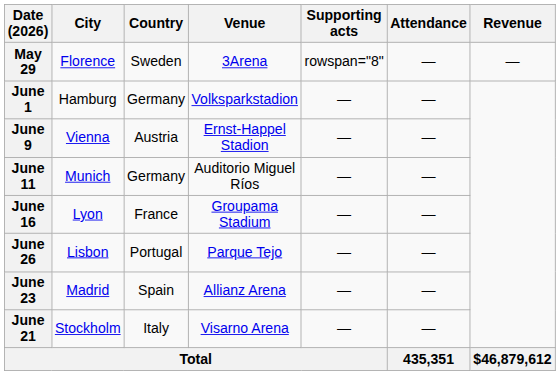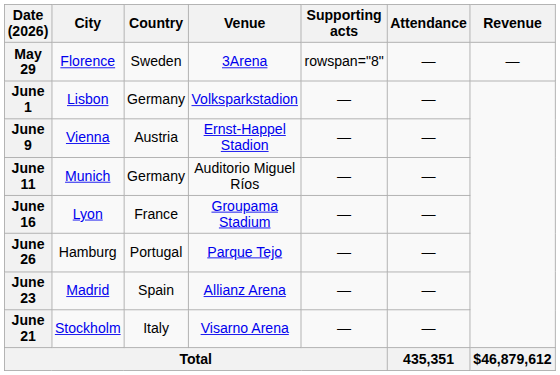 <table class="wikitable plainrowheaders" style="text-align:center;">
 <tr>
 <th scope="col" style="width:10em;">Date (2026)</th>
 <th scope="col" style="width:10em;">City</th>
 <th scope="col" style="width:10em;">Country</th>
 <th scope="col" style="width:15em;">Venue</th>
 <th scope="col" style="width:10em;">Supporting acts</th>
 <th scope="col" style="width:10em;">Attendance</th>
 <th scope="col" style="width:10em;">Revenue</th>
 </tr>
 <tr>
 <th scope="row" style="text-align:center;">May 29</th>
 <td><a href='#'>Florence</a></td>
 <td>Sweden</td>
 <td><a href='#'>3Arena</a></td>
 <td>rowspan="8" </td>
 <td>—</td>
 <td>—</td>
 </tr>
 <tr>
 <th scope="row" style="text-align:center;">June 1</th>
-<td>Hamburg</td>
+<td><a href='#'>Lisbon</a></td>
 <td>Germany</td>
 <td><a href='#'>Volksparkstadion</a></td>
 <td>—</td>
 <td>—</td>
 </tr>
 <tr>
 <th scope="row" style="text-align:center;">June 9</th>
 <td><a href='#'>Vienna</a></td>
 <td>Austria</td>
 <td><a href='#'>Ernst-Happel Stadion</a></td>
 <td>—</td>
 <td>—</td>
 </tr>
 <tr>
 <th scope="row" style="text-align:center;">June 11</th>
 <td><a href='#'>Munich</a></td>
 <td>Germany</td>
 <td>Auditorio Miguel Ríos</td>
 <td>—</td>
 <td>—</td>
 </tr>
 <tr>
 <th scope="row" style="text-align:center;">June 16</th>
 <td><a href='#'>Lyon</a></td>
 <td>France</td>
 <td><a href='#'>Groupama Stadium</a></td>
 <td>—</td>
 <td>—</td>
 </tr>
 <tr>
 <th scope="row" style="text-align:center;">June 26</th>
-<td><a href='#'>Lisbon</a></td>
+<td>Hamburg</td>
 <td>Portugal</td>
 <td><a href='#'>Parque Tejo</a></td>
 <td>—</td>
 <td>—</td>
 </tr>
 <tr>
 <th scope="row" style="text-align:center;">June 23</th>
 <td><a href='#'>Madrid</a></td>
 <td>Spain</td>
 <td><a href='#'>Allianz Arena</a></td>
 <td>—</td>
 <td>—</td>
 </tr>
 <tr>
 <th scope="row" style="text-align:center;">June 21</th>
 <td><a href='#'>Stockholm</a></td>
 <td>Italy</td>
 <td><a href='#'>Visarno Arena</a></td>
 <td>—</td>
 <td>—</td>
 </tr>
 <tr>
 <th scope="col" colspan="5">Total</th>
 <th scope="col">435,351</th>
 <th scope="col">$46,879,612</th>
 </tr>
 </table>
